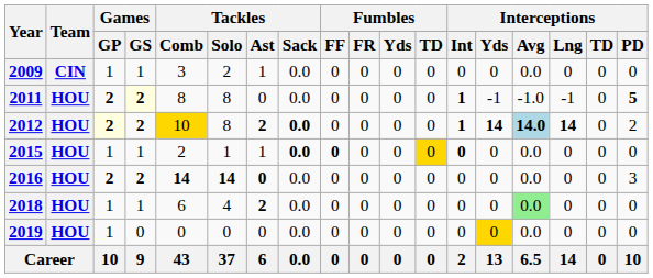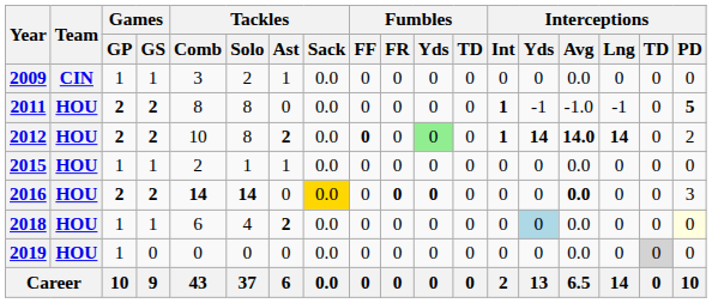 <table class="wikitable" style="text-align:center">
 <tr>
 <th rowspan="2">Year</th>
 <th rowspan="2">Team</th>
 <th colspan="2">Games</th>
 <th colspan="4">Tackles</th>
 <th colspan="4">Fumbles</th>
 <th colspan="6">Interceptions</th>
 </tr>
 <tr>
 <th>GP</th>
 <th>GS</th>
 <th>Comb</th>
 <th>Solo</th>
 <th>Ast</th>
 <th>Sack</th>
 <th>FF</th>
 <th>FR</th>
 <th>Yds</th>
 <th>TD</th>
 <th>Int</th>
 <th>Yds</th>
 <th>Avg</th>
 <th>Lng</th>
 <th>TD</th>
 <th>PD</th>
 </tr>
 <tr>
 <th><a href='#'>2009</a></th>
 <th><a href='#'>CIN</a></th>
 <td>1</td>
 <td>1</td>
 <td>3</td>
 <td>2</td>
 <td>1</td>
 <td>0.0</td>
 <td>0</td>
 <td>0</td>
 <td>0</td>
 <td>0</td>
 <td>0</td>
 <td>0</td>
 <td>0.0</td>
 <td>0</td>
 <td>0</td>
 <td>0</td>
 </tr>
 <tr>
 <th><a href='#'>2011</a></th>
 <th><a href='#'>HOU</a></th>
 <td><strong>2</strong></td>
-<td style="background: lightyellow;"><strong>2</strong></td>
+<td><strong>2</strong></td>
 <td>8</td>
 <td>8</td>
 <td>0</td>
 <td>0.0</td>
 <td>0</td>
 <td>0</td>
 <td>0</td>
 <td>0</td>
 <td><strong>1</strong></td>
 <td>-1</td>
 <td>-1.0</td>
 <td>-1</td>
 <td>0</td>
 <td><strong>5</strong></td>
 </tr>
 <tr>
 <th><a href='#'>2012</a></th>
 <th><a href='#'>HOU</a></th>
-<td style="background: lightyellow;"><strong>2</strong></td>
 <td><strong>2</strong></td>
-<td style="background: gold;">10</td>
+<td><strong>2</strong></td>
+<td>10</td>
 <td>8</td>
 <td><strong>2</strong></td>
-<td><strong>0.0</strong></td>
+<td>0.0</td>
+<td><strong>0</strong></td>
 <td>0</td>
-<td>0</td>
-<td>0</td>
+<td style="background: lightgreen;">0</td>
 <td>0</td>
 <td><strong>1</strong></td>
 <td><strong>14</strong></td>
-<td style="background: lightblue;"><strong>14.0</strong></td>
+<td><strong>14.0</strong></td>
 <td><strong>14</strong></td>
 <td>0</td>
 <td>2</td>
 </tr>
 <tr>
 <th><a href='#'>2015</a></th>
 <th><a href='#'>HOU</a></th>
 <td>1</td>
 <td>1</td>
 <td>2</td>
 <td>1</td>
 <td>1</td>
-<td><strong>0.0</strong></td>
-<td><strong>0</strong></td>
+<td>0.0</td>
 <td>0</td>
 <td>0</td>
-<td style="background: gold;">0</td>
-<td><strong>0</strong></td>
+<td>0</td>
+<td>0</td>
+<td>0</td>
 <td>0</td>
 <td>0.0</td>
 <td>0</td>
 <td>0</td>
 <td>0</td>
 </tr>
 <tr>
 <th><a href='#'>2016</a></th>
 <th><a href='#'>HOU</a></th>
 <td><strong>2</strong></td>
 <td><strong>2</strong></td>
 <td><strong>14</strong></td>
 <td><strong>14</strong></td>
+<td>0</td>
+<td style="background: gold;">0.0</td>
+<td>0</td>
 <td><strong>0</strong></td>
-<td>0.0</td>
+<td><strong>0</strong></td>
 <td>0</td>
 <td>0</td>
 <td>0</td>
-<td>0</td>
-<td>0</td>
-<td>0</td>
-<td>0.0</td>
+<td><strong>0.0</strong></td>
 <td>0</td>
 <td>0</td>
 <td>3</td>
 </tr>
 <tr>
 <th><a href='#'>2018</a></th>
 <th><a href='#'>HOU</a></th>
 <td>1</td>
 <td>1</td>
 <td>6</td>
 <td>4</td>
 <td><strong>2</strong></td>
 <td>0.0</td>
 <td>0</td>
 <td>0</td>
 <td>0</td>
 <td>0</td>
 <td>0</td>
-<td>0</td>
-<td style="background: lightgreen;">0.0</td>
+<td style="background: lightblue;">0</td>
+<td>0.0</td>
 <td>0</td>
 <td>0</td>
-<td>0</td>
+<td style="background: lightyellow;">0</td>
 </tr>
 <tr>
 <th><a href='#'>2019</a></th>
 <th><a href='#'>HOU</a></th>
 <td>1</td>
 <td>0</td>
 <td>0</td>
 <td>0</td>
 <td>0</td>
 <td>0.0</td>
 <td>0</td>
 <td>0</td>
 <td>0</td>
 <td>0</td>
 <td>0</td>
-<td style="background: gold;">0</td>
+<td>0</td>
 <td>0.0</td>
 <td>0</td>
-<td>0</td>
+<td style="background: lightgrey;">0</td>
 <td>0</td>
 </tr>
 <tr>
 <th colspan="2">Career</th>
 <th>10</th>
 <th>9</th>
 <th>43</th>
 <th>37</th>
 <th>6</th>
 <th>0.0</th>
 <th>0</th>
 <th>0</th>
 <th>0</th>
 <th>0</th>
 <th>2</th>
 <th>13</th>
 <th>6.5</th>
 <th>14</th>
 <th>0</th>
 <th>10</th>
 </tr>
 </table>
